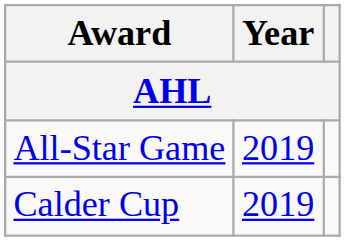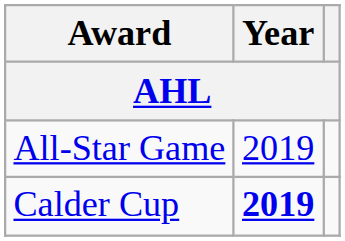 <table class="wikitable">
 <tr>
 <th>Award</th>
 <th>Year</th>
 <th></th>
 </tr>
 <tr>
 <th colspan="3"><a href='#'>AHL</a></th>
 </tr>
 <tr>
 <td><a href='#'>All-Star Game</a></td>
 <td><a href='#'>2019</a></td>
 <td></td>
 </tr>
 <tr>
 <td><a href='#'>Calder Cup</a></td>
-<td><a href='#'>2019</a></td>
+<td><strong><a href='#'>2019</a></strong></td>
 <td></td>
 </tr>
 </table>
